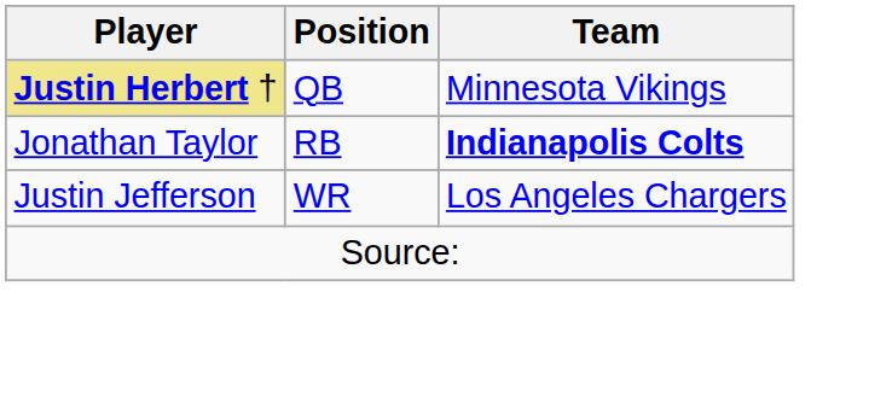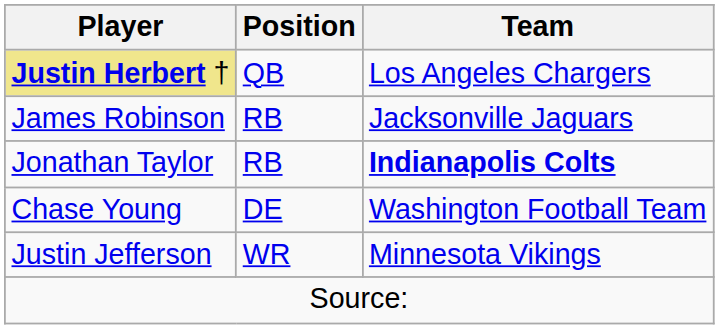 <table class="wikitable sortable">
 <tr>
 <th>Player</th>
 <th>Position</th>
 <th>Team</th>
 </tr>
 <tr>
 <td style="background-color:Khaki; border:1px solid #aaaaaa"><strong><a href='#'>Justin Herbert</a></strong> †</td>
 <td><a href='#'>QB</a></td>
-<td><a href='#'>Minnesota Vikings</a></td>
+<td><a href='#'>Los Angeles Chargers</a></td>
+</tr>
+<tr>
+<td><a href='#'>James Robinson</a></td>
+<td><a href='#'>RB</a></td>
+<td><a href='#'>Jacksonville Jaguars</a></td>
 </tr>
 <tr>
 <td><a href='#'>Jonathan Taylor</a></td>
 <td><a href='#'>RB</a></td>
 <td><strong><a href='#'>Indianapolis Colts</a></strong></td>
 </tr>
 <tr>
+<td><a href='#'>Chase Young</a></td>
+<td><a href='#'>DE</a></td>
+<td><a href='#'>Washington Football Team</a></td>
+</tr>
+<tr>
 <td><a href='#'>Justin Jefferson</a></td>
 <td><a href='#'>WR</a></td>
-<td><a href='#'>Los Angeles Chargers</a></td>
+<td><a href='#'>Minnesota Vikings</a></td>
 </tr>
 <tr>
 <td style="text-align:center;"colspan="3">Source:</td>
 </tr>
 </table>
